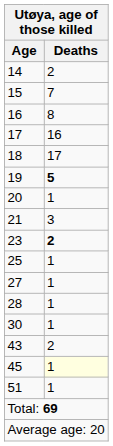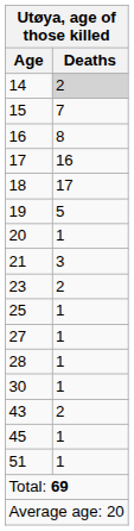 <table class="wikitable floatright">
 <tr>
 <th colspan="2">Utøya, age of<br>those killed</th>
 </tr>
 <tr>
 <th>Age</th>
 <th>Deaths</th>
 </tr>
 <tr>
 <td>14</td>
-<td>2</td>
+<td style="background: lightgrey;">2</td>
 </tr>
 <tr>
 <td>15</td>
 <td>7</td>
 </tr>
 <tr>
 <td>16</td>
 <td>8</td>
 </tr>
 <tr>
 <td>17</td>
 <td>16</td>
 </tr>
 <tr>
 <td>18</td>
 <td>17</td>
 </tr>
 <tr>
 <td>19</td>
-<td><strong>5</strong></td>
+<td>5</td>
 </tr>
 <tr>
 <td>20</td>
 <td>1</td>
 </tr>
 <tr>
 <td>21</td>
 <td>3</td>
 </tr>
 <tr>
 <td>23</td>
-<td><strong>2</strong></td>
+<td>2</td>
 </tr>
 <tr>
 <td>25</td>
 <td>1</td>
 </tr>
 <tr>
 <td>27</td>
 <td>1</td>
 </tr>
 <tr>
 <td>28</td>
 <td>1</td>
 </tr>
 <tr>
 <td>30</td>
 <td>1</td>
 </tr>
 <tr>
 <td>43</td>
 <td>2</td>
 </tr>
 <tr>
 <td>45</td>
-<td style="background: lightyellow;">1</td>
+<td>1</td>
 </tr>
 <tr>
 <td>51</td>
 <td>1</td>
 </tr>
 <tr>
 <td colspan="2">Total: <strong>69</strong></td>
 </tr>
 <tr>
 <td colspan="2">Average age: 20</td>
 </tr>
 </table>
